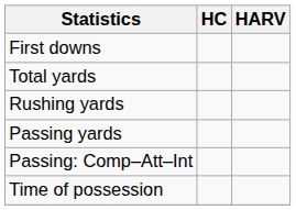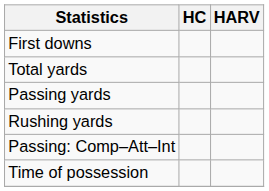 <table class="wikitable" style="float: left;">
 <tr>
 <th>Statistics</th>
 <th>HC</th>
 <th>HARV</th>
 </tr>
 <tr>
 <td>First downs</td>
 <td></td>
 <td></td>
 </tr>
 <tr>
 <td>Total yards</td>
 <td></td>
 <td></td>
 </tr>
 <tr>
-<td>Rushing yards</td>
+<td>Passing yards</td>
 <td></td>
 <td></td>
 </tr>
 <tr>
-<td>Passing yards</td>
+<td>Rushing yards</td>
 <td></td>
 <td></td>
 </tr>
 <tr>
 <td>Passing: Comp–Att–Int</td>
 <td></td>
 <td></td>
 </tr>
 <tr>
 <td>Time of possession</td>
 <td></td>
 <td></td>
 </tr>
 <tr>
 </tr>
 </table>
